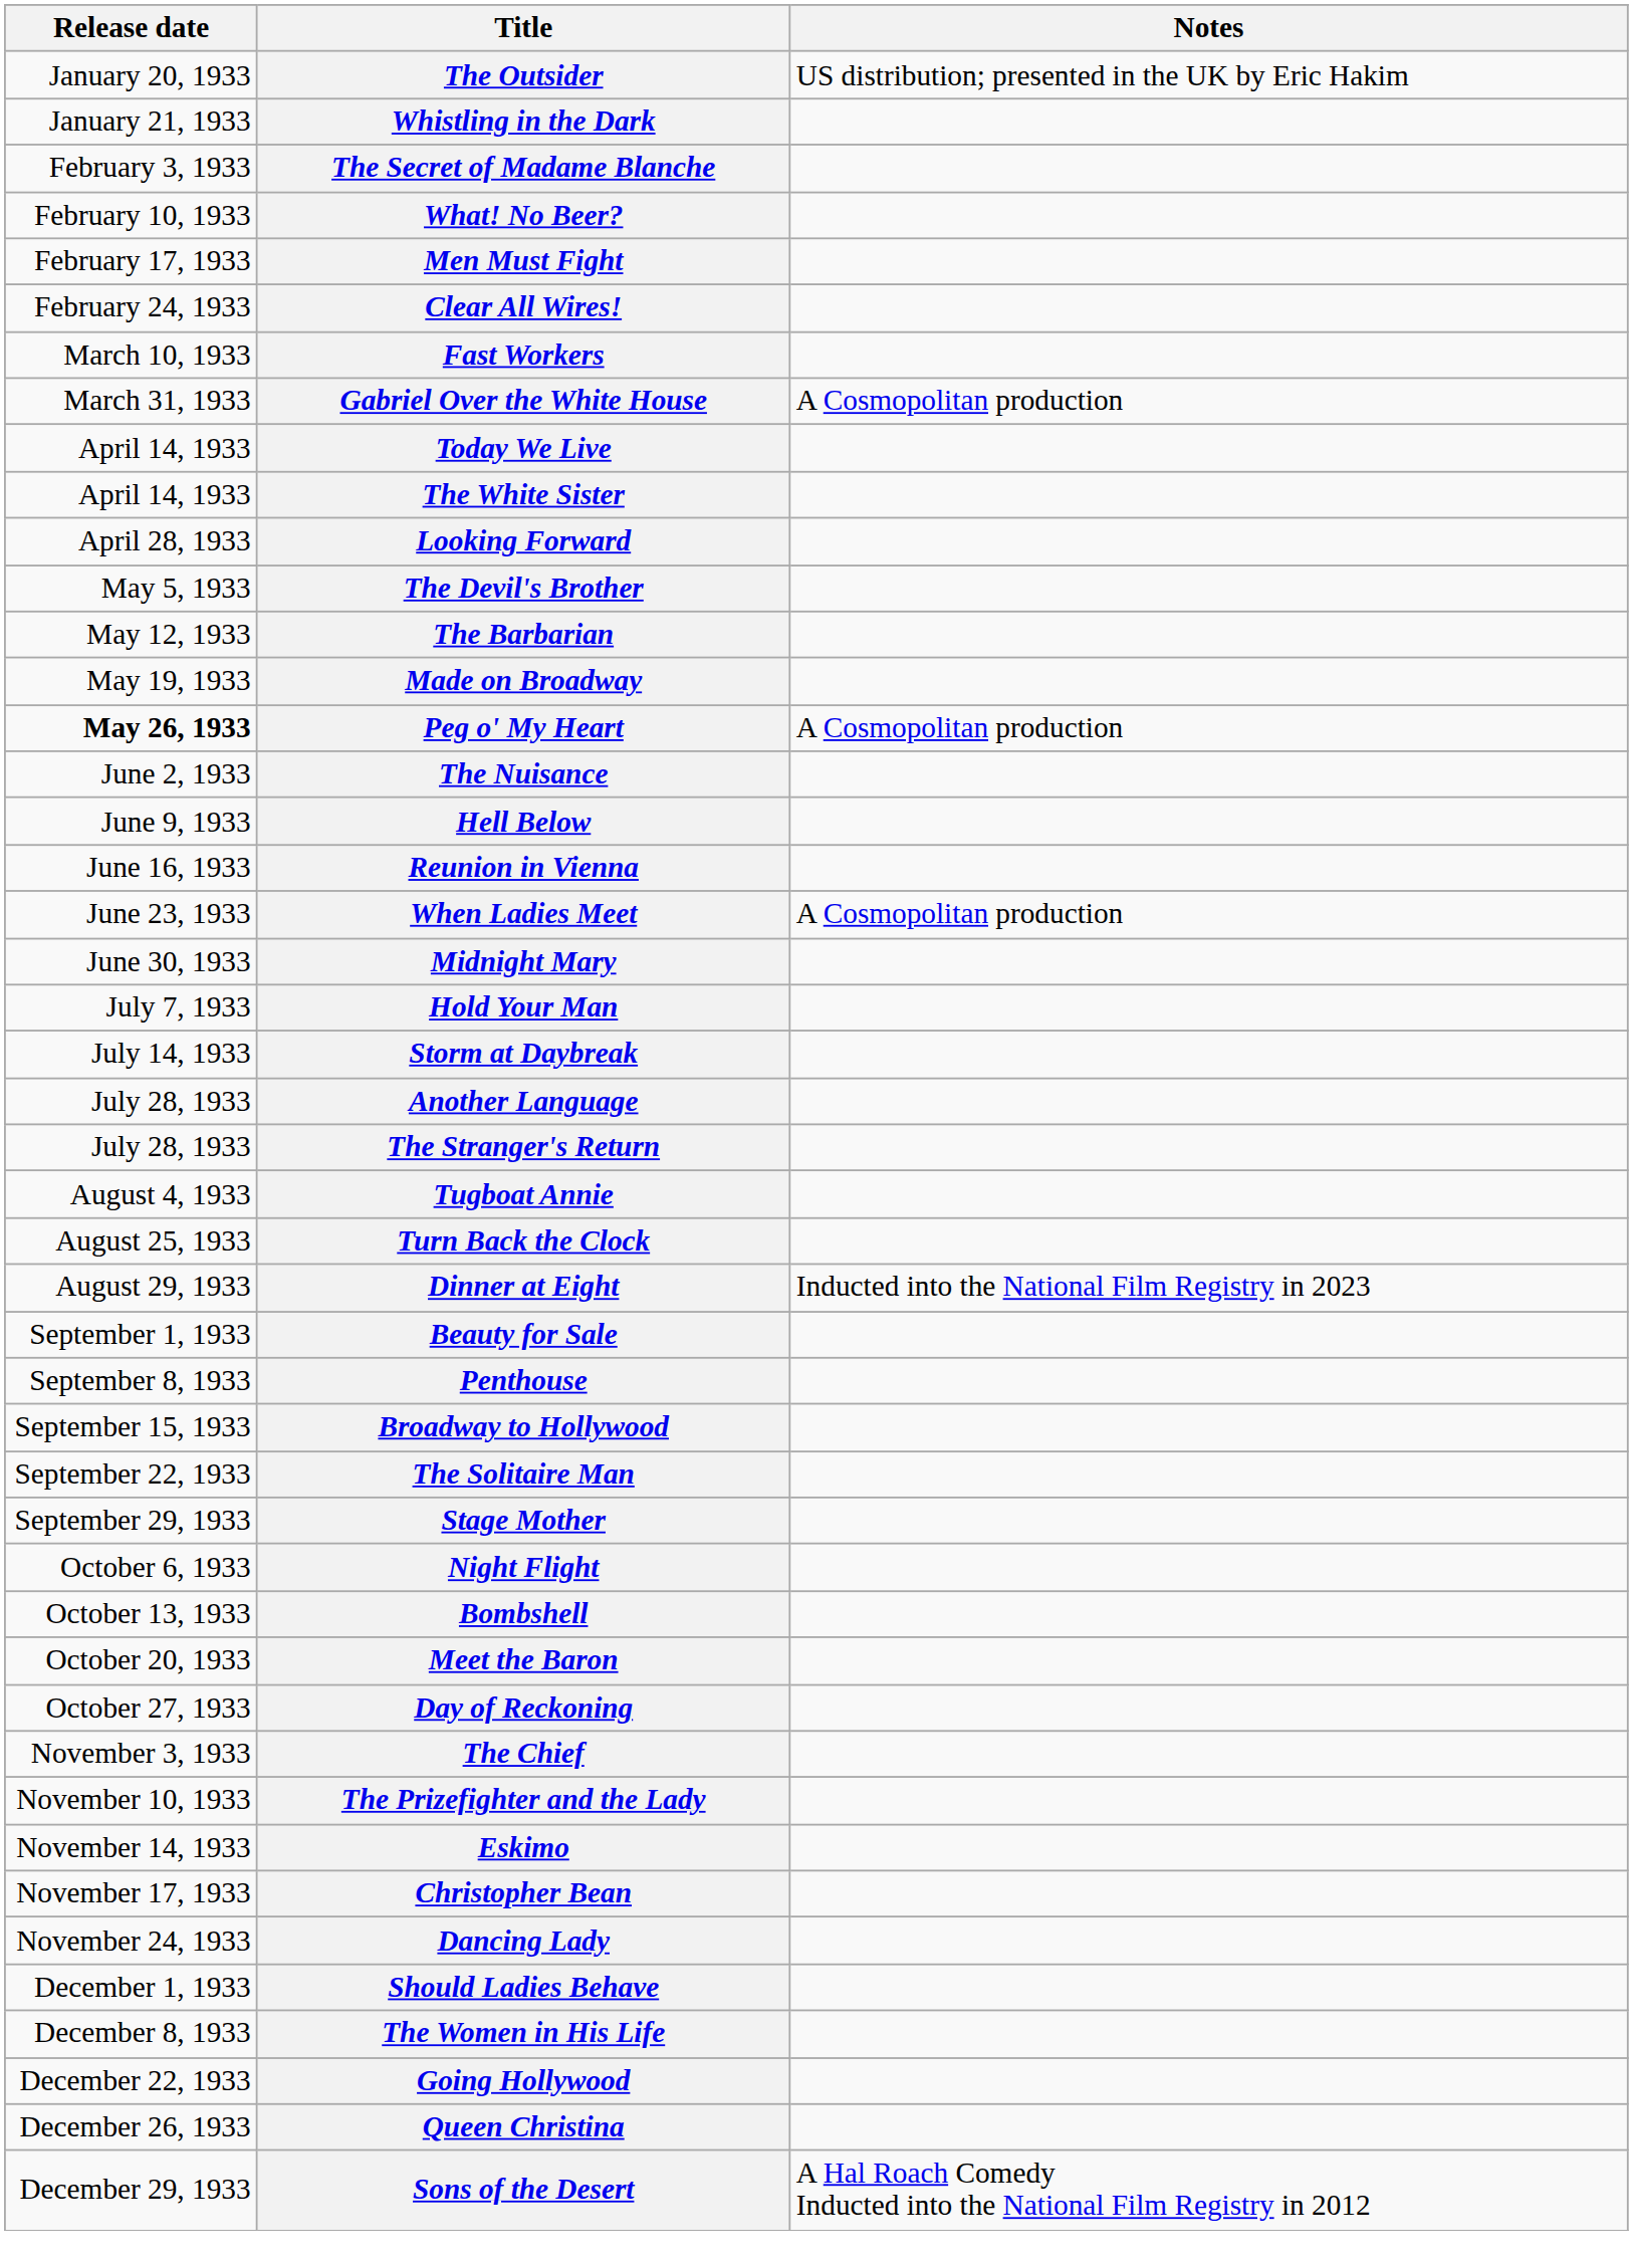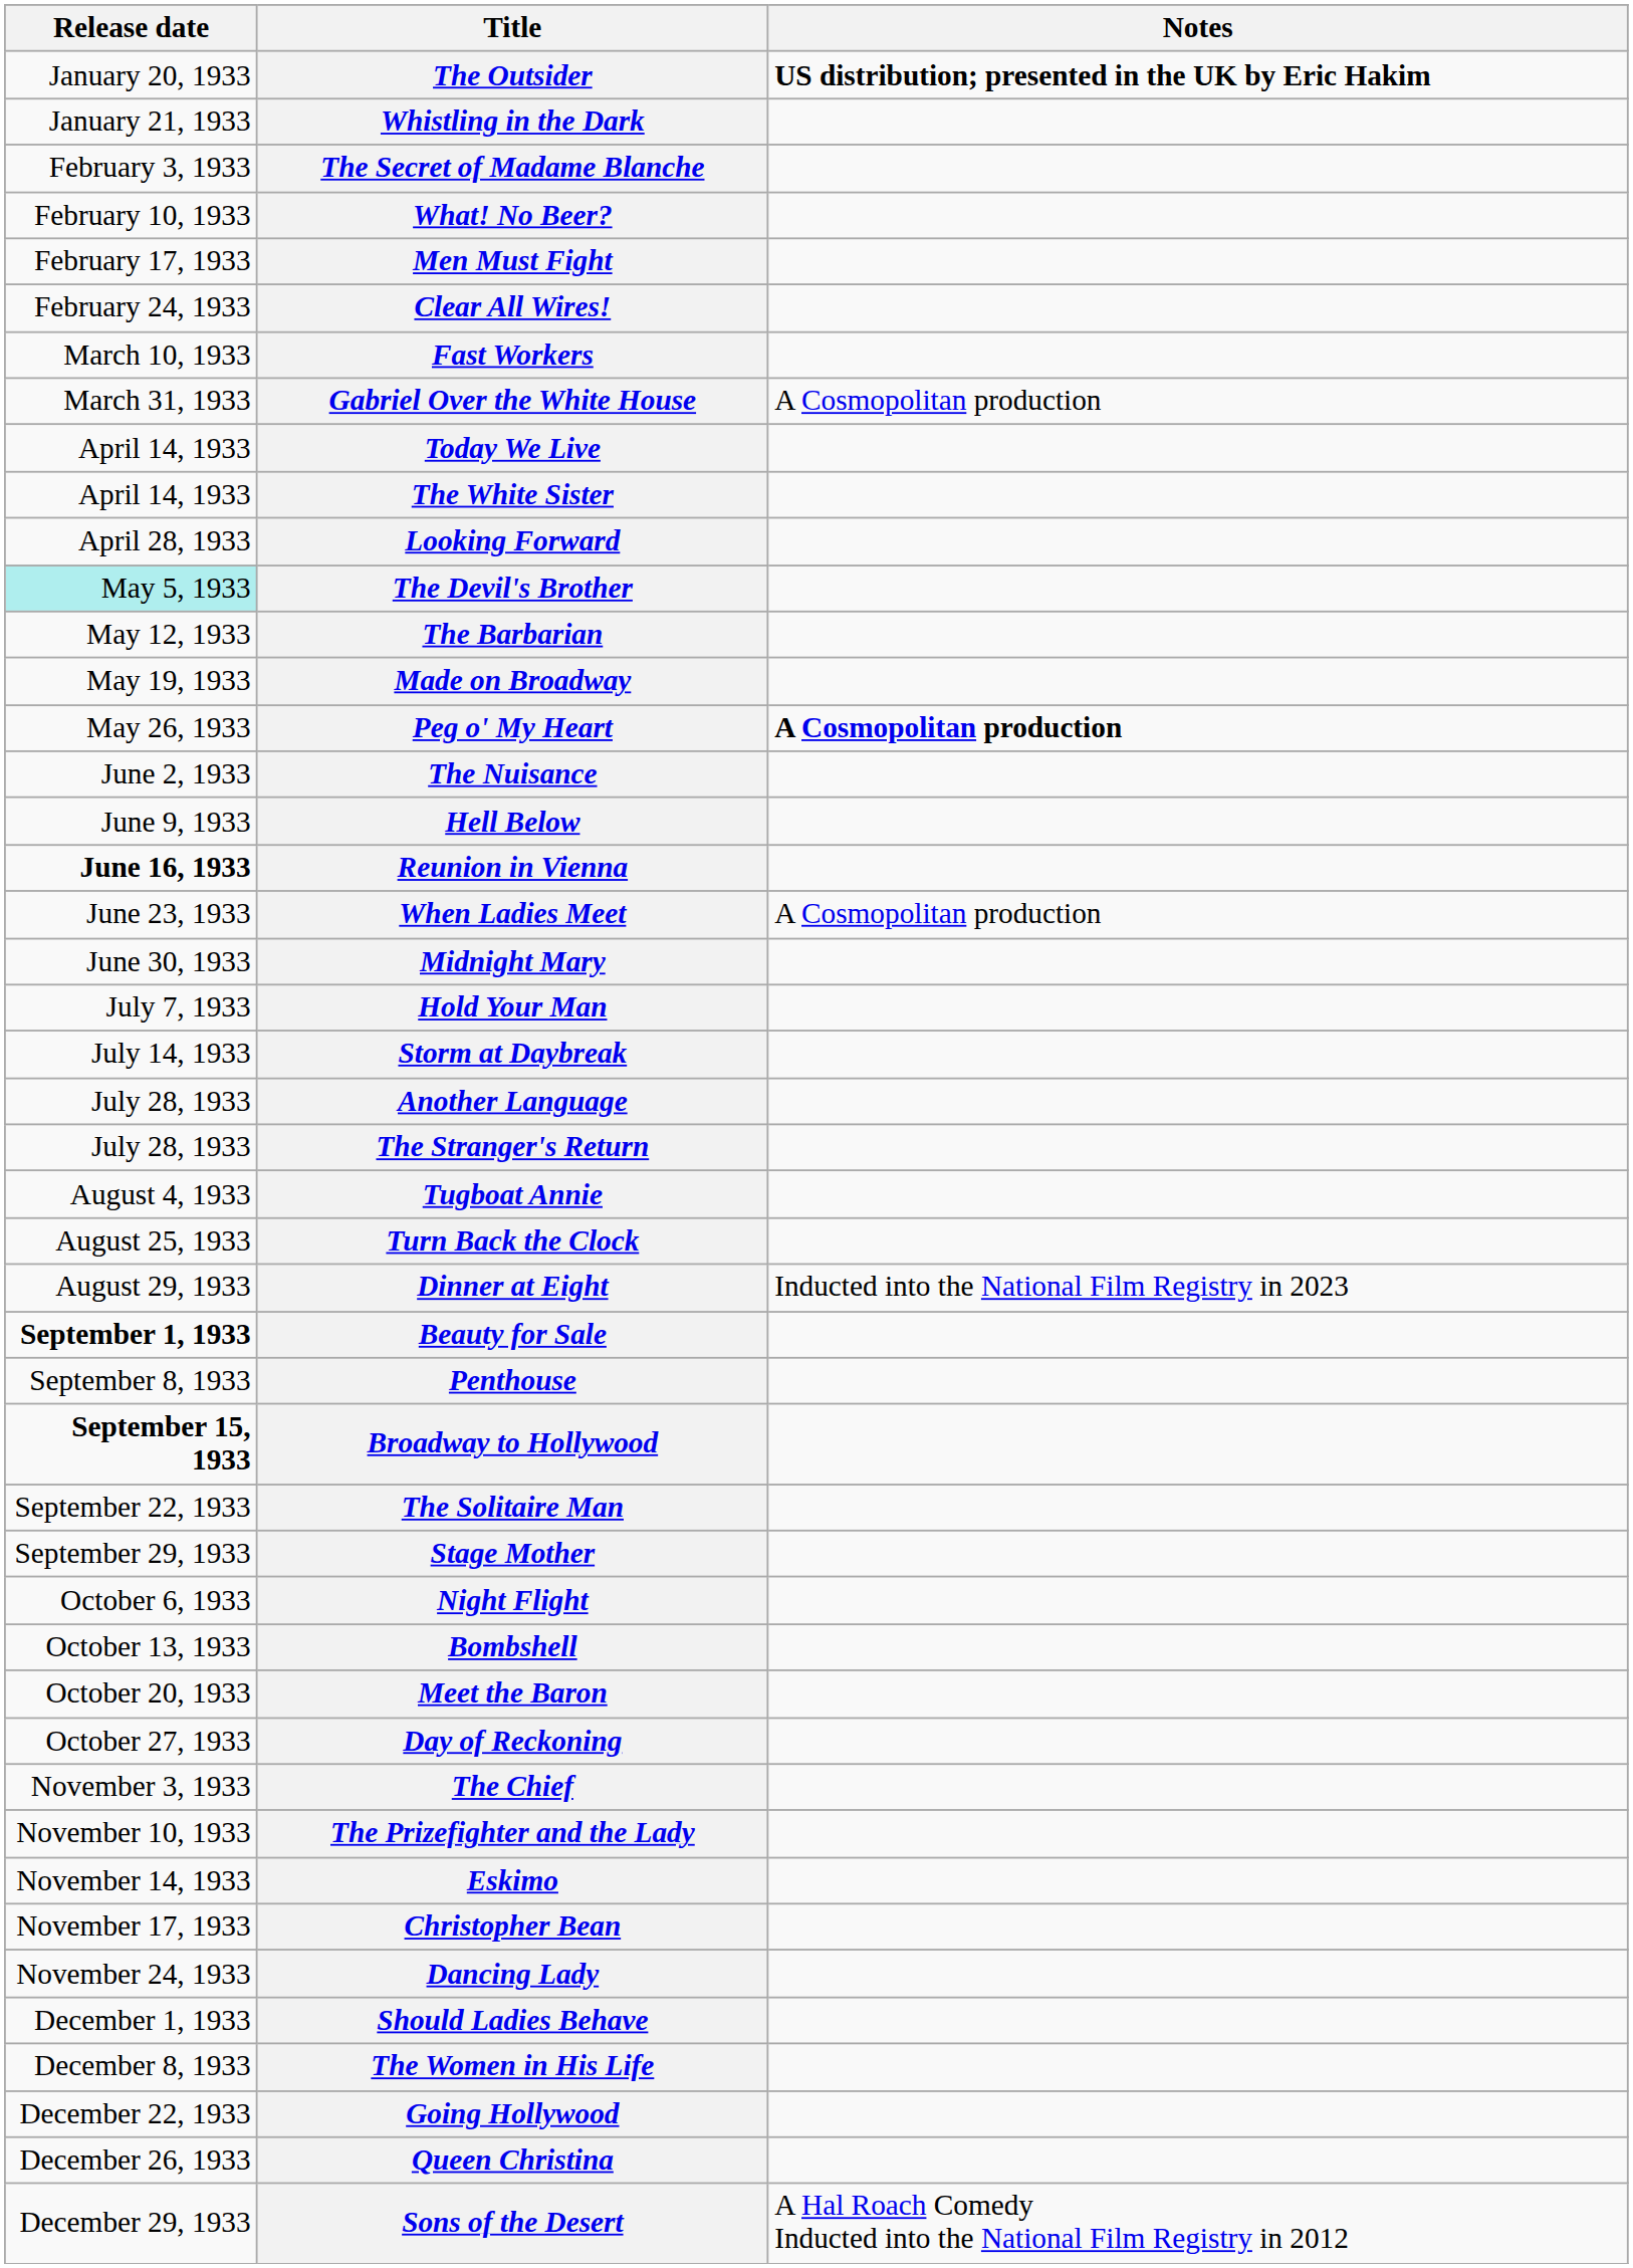 <table class="wikitable sortable" style="width:100%;">
 <tr>
 <th scope="col" style="width:130px;">Release date</th>
 <th>Title</th>
 <th>Notes</th>
 </tr>
 <tr>
 <td style="text-align:right;">January 20, 1933</td>
 <th scope="row"><em><a href='#'>The Outsider</a></em></th>
-<td>US distribution; presented in the UK by Eric Hakim</td>
+<td><strong>US distribution; presented in the UK by Eric Hakim</strong></td>
 </tr>
 <tr>
 <td style="text-align:right;">January 21, 1933</td>
 <th scope="row"><em><a href='#'>Whistling in the Dark</a></em></th>
 <td></td>
 </tr>
 <tr>
 <td style="text-align:right;">February 3, 1933</td>
 <th scope="row"><em><a href='#'>The Secret of Madame Blanche</a></em></th>
 <td></td>
 </tr>
 <tr>
 <td style="text-align:right;">February 10, 1933</td>
 <th scope="row"><em><a href='#'>What! No Beer?</a></em></th>
 <td></td>
 </tr>
 <tr>
 <td style="text-align:right;">February 17, 1933</td>
 <th scope="row"><em><a href='#'>Men Must Fight</a></em></th>
 <td></td>
 </tr>
 <tr>
 <td style="text-align:right;">February 24, 1933</td>
 <th scope="row"><em><a href='#'>Clear All Wires!</a></em></th>
 <td></td>
 </tr>
 <tr>
 <td style="text-align:right;">March 10, 1933</td>
 <th scope="row"><em><a href='#'>Fast Workers</a></em></th>
 <td></td>
 </tr>
 <tr>
 <td style="text-align:right;">March 31, 1933</td>
 <th scope="row"><em><a href='#'>Gabriel Over the White House</a></em></th>
 <td>A <a href='#'>Cosmopolitan</a> production</td>
 </tr>
 <tr>
 <td style="text-align:right;">April 14, 1933</td>
 <th scope="row"><em><a href='#'>Today We Live</a></em></th>
 <td></td>
 </tr>
 <tr>
 <td style="text-align:right;">April 14, 1933</td>
 <th scope="row"><em><a href='#'>The White Sister</a></em></th>
 <td></td>
 </tr>
 <tr>
 <td style="text-align:right;">April 28, 1933</td>
 <th scope="row"><em><a href='#'>Looking Forward</a></em></th>
 <td></td>
 </tr>
 <tr>
-<td style="text-align:right;">May 5, 1933</td>
+<td style="background: paleturquoise; text-align:right;">May 5, 1933</td>
 <th scope="row"><em><a href='#'>The Devil's Brother</a></em></th>
 <td></td>
 </tr>
 <tr>
 <td style="text-align:right;">May 12, 1933</td>
 <th scope="row"><em><a href='#'>The Barbarian</a></em></th>
 <td></td>
 </tr>
 <tr>
 <td style="text-align:right;">May 19, 1933</td>
 <th scope="row"><em><a href='#'>Made on Broadway</a></em></th>
 <td></td>
 </tr>
 <tr>
-<td style="text-align:right;"><strong>May 26, 1933</strong></td>
+<td style="text-align:right;">May 26, 1933</td>
 <th scope="row"><em><a href='#'>Peg o' My Heart</a></em></th>
-<td>A <a href='#'>Cosmopolitan</a> production</td>
+<td><strong>A <a href='#'>Cosmopolitan</a> production</strong></td>
 </tr>
 <tr>
 <td style="text-align:right;">June 2, 1933</td>
 <th scope="row"><em><a href='#'>The Nuisance</a></em></th>
 <td></td>
 </tr>
 <tr>
 <td style="text-align:right;">June 9, 1933</td>
 <th scope="row"><em><a href='#'>Hell Below</a></em></th>
 <td></td>
 </tr>
 <tr>
-<td style="text-align:right;">June 16, 1933</td>
+<td style="text-align:right;"><strong>June 16, 1933</strong></td>
 <th scope="row"><em><a href='#'>Reunion in Vienna</a></em></th>
 <td></td>
 </tr>
 <tr>
 <td style="text-align:right;">June 23, 1933</td>
 <th scope="row"><em><a href='#'>When Ladies Meet</a></em></th>
 <td>A <a href='#'>Cosmopolitan</a> production</td>
 </tr>
 <tr>
 <td style="text-align:right;">June 30, 1933</td>
 <th scope="row"><em><a href='#'>Midnight Mary</a></em></th>
 <td></td>
 </tr>
 <tr>
 <td style="text-align:right;">July 7, 1933</td>
 <th scope="row"><em><a href='#'>Hold Your Man</a></em></th>
 <td></td>
 </tr>
 <tr>
 <td style="text-align:right;">July 14, 1933</td>
 <th scope="row"><em><a href='#'>Storm at Daybreak</a></em></th>
 <td></td>
 </tr>
 <tr>
 <td style="text-align:right;">July 28, 1933</td>
 <th scope="row"><em><a href='#'>Another Language</a></em></th>
 <td></td>
 </tr>
 <tr>
 <td style="text-align:right;">July 28, 1933</td>
 <th scope="row"><em><a href='#'>The Stranger's Return</a></em></th>
 <td></td>
 </tr>
 <tr>
 <td style="text-align:right;">August 4, 1933</td>
 <th scope="row"><em><a href='#'>Tugboat Annie</a></em></th>
 <td></td>
 </tr>
 <tr>
 <td style="text-align:right;">August 25, 1933</td>
 <th scope="row"><em><a href='#'>Turn Back the Clock</a></em></th>
 <td></td>
 </tr>
 <tr>
 <td style="text-align:right;">August 29, 1933</td>
 <th scope="row"><em><a href='#'>Dinner at Eight</a></em></th>
 <td>Inducted into the <a href='#'>National Film Registry</a> in 2023</td>
 </tr>
 <tr>
-<td style="text-align:right;">September 1, 1933</td>
+<td style="text-align:right;"><strong>September 1, 1933</strong></td>
 <th scope="row"><em><a href='#'>Beauty for Sale</a></em></th>
 <td></td>
 </tr>
 <tr>
 <td style="text-align:right;">September 8, 1933</td>
 <th scope="row"><em><a href='#'>Penthouse</a></em></th>
 <td></td>
 </tr>
 <tr>
-<td style="text-align:right;">September 15, 1933</td>
+<td style="text-align:right;"><strong>September 15, 1933</strong></td>
 <th scope="row"><em><a href='#'>Broadway to Hollywood</a></em></th>
 <td></td>
 </tr>
 <tr>
 <td style="text-align:right;">September 22, 1933</td>
 <th scope="row"><em><a href='#'>The Solitaire Man</a></em></th>
 <td></td>
 </tr>
 <tr>
 <td style="text-align:right;">September 29, 1933</td>
 <th scope="row"><em><a href='#'>Stage Mother</a></em></th>
 <td></td>
 </tr>
 <tr>
 <td style="text-align:right;">October 6, 1933</td>
 <th scope="row"><em><a href='#'>Night Flight</a></em></th>
 <td></td>
 </tr>
 <tr>
 <td style="text-align:right;">October 13, 1933</td>
 <th scope="row"><em><a href='#'>Bombshell</a></em></th>
 <td></td>
 </tr>
 <tr>
 <td style="text-align:right;">October 20, 1933</td>
 <th scope="row"><em><a href='#'>Meet the Baron</a></em></th>
 <td></td>
 </tr>
 <tr>
 <td style="text-align:right;">October 27, 1933</td>
 <th scope="row"><em><a href='#'>Day of Reckoning</a></em></th>
 <td></td>
 </tr>
 <tr>
 <td style="text-align:right;">November 3, 1933</td>
 <th scope="row"><em><a href='#'>The Chief</a></em></th>
 <td></td>
 </tr>
 <tr>
 <td style="text-align:right;">November 10, 1933</td>
 <th scope="row"><em><a href='#'>The Prizefighter and the Lady</a></em></th>
 <td></td>
 </tr>
 <tr>
 <td style="text-align:right;">November 14, 1933</td>
 <th scope="row"><em><a href='#'>Eskimo</a></em></th>
 <td></td>
 </tr>
 <tr>
 <td style="text-align:right;">November 17, 1933</td>
 <th scope="row"><em><a href='#'>Christopher Bean</a></em></th>
 <td></td>
 </tr>
 <tr>
 <td style="text-align:right;">November 24, 1933</td>
 <th scope="row"><em><a href='#'>Dancing Lady</a></em></th>
 <td></td>
 </tr>
 <tr>
 <td style="text-align:right;">December 1, 1933</td>
 <th scope="row"><em><a href='#'>Should Ladies Behave</a></em></th>
 <td></td>
 </tr>
 <tr>
 <td style="text-align:right;">December 8, 1933</td>
 <th scope="row"><em><a href='#'>The Women in His Life</a></em></th>
 <td></td>
 </tr>
 <tr>
 <td style="text-align:right;">December 22, 1933</td>
 <th scope="row"><em><a href='#'>Going Hollywood</a></em></th>
 <td></td>
 </tr>
 <tr>
 <td style="text-align:right;">December 26, 1933</td>
 <th scope="row"><em><a href='#'>Queen Christina</a></em></th>
 <td></td>
 </tr>
 <tr>
 <td style="text-align:right;">December 29, 1933</td>
 <th scope="row"><em><a href='#'>Sons of the Desert</a></em></th>
 <td>A <a href='#'>Hal Roach</a> Comedy<br>Inducted into the <a href='#'>National Film Registry</a> in 2012</td>
 </tr>
 <tr>
 </tr>
 </table>
